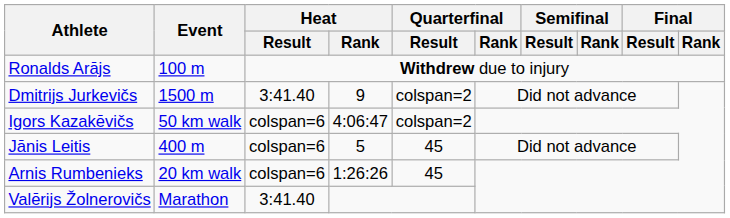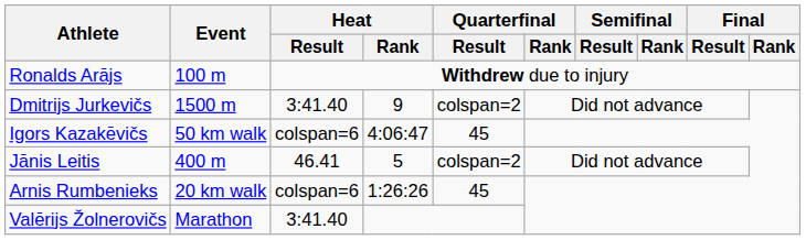 <table class="wikitable" style="font-size:90%">
 <tr>
 <th rowspan="2">Athlete</th>
 <th rowspan="2">Event</th>
 <th colspan="2">Heat</th>
 <th colspan="2">Quarterfinal</th>
 <th colspan="2">Semifinal</th>
 <th colspan="2">Final</th>
 </tr>
 <tr style="font-size:95%">
 <th>Result</th>
 <th>Rank</th>
 <th>Result</th>
 <th>Rank</th>
 <th>Result</th>
 <th>Rank</th>
 <th>Result</th>
 <th>Rank</th>
 </tr>
 <tr align=center>
 <td align=left><a href='#'>Ronalds Arājs</a></td>
 <td align=left><a href='#'>100 m</a></td>
 <td colspan=8><strong>Withdrew</strong> due to injury</td>
 </tr>
 <tr align=center>
 <td align=left><a href='#'>Dmitrijs Jurkevičs</a></td>
 <td align=left><a href='#'>1500 m</a></td>
 <td>3:41.40</td>
 <td>9</td>
 <td>colspan=2 </td>
 <td colspan=4>Did not advance</td>
 </tr>
 <tr align=center>
 <td align=left><a href='#'>Igors Kazakēvičs</a></td>
 <td align=left><a href='#'>50 km walk</a></td>
 <td>colspan=6 </td>
 <td>4:06:47</td>
-<td>colspan=2 </td>
+<td>45</td>
 </tr>
 <tr align=center>
 <td align=left><a href='#'>Jānis Leitis</a></td>
 <td align=left><a href='#'>400 m</a></td>
-<td>colspan=6 </td>
+<td>46.41</td>
 <td>5</td>
-<td>45</td>
+<td>colspan=2 </td>
 <td colspan=4>Did not advance</td>
 </tr>
 <tr align=center>
 <td align=left><a href='#'>Arnis Rumbenieks</a></td>
 <td align=left><a href='#'>20 km walk</a></td>
 <td>colspan=6 </td>
 <td>1:26:26</td>
 <td>45</td>
 </tr>
 <tr align=center>
 <td align=left><a href='#'>Valērijs Žolnerovičs</a></td>
 <td align=left><a href='#'>Marathon</a></td>
 <td>3:41.40</td>
 <td colspan=2></td>
 </tr>
 </table>
